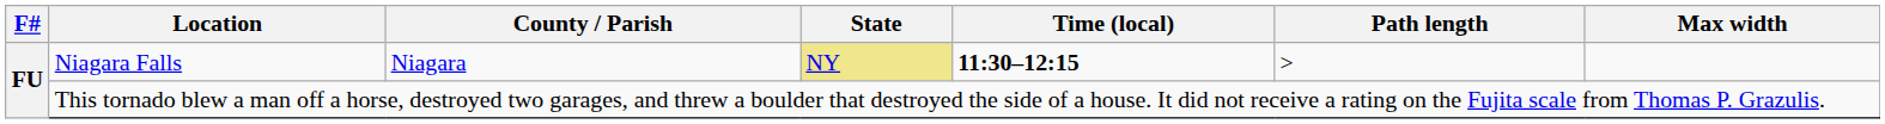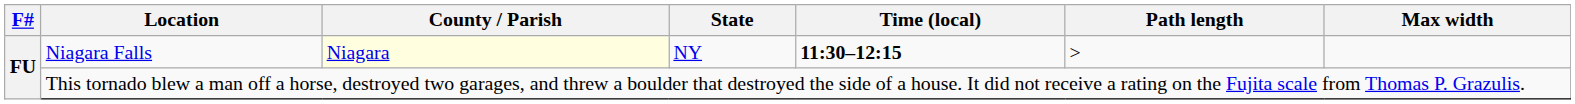 <table class="wikitable sortable" style="width:100%;">
 <tr>
 <th scope="col" align="center"><a href='#'>F#</a><br></th>
 <th scope="col" align="center" class="unsortable">Location</th>
 <th scope="col" align="center" class="unsortable">County / Parish</th>
 <th scope="col" align="center">State</th>
 <th scope="col" align="center">Time (local)</th>
 <th scope="col" align="center">Path length</th>
 <th scope="col" align="center">Max width</th>
 </tr>
 <tr>
 <th scope="row" rowspan="2" style="background-color:#">FU</th>
 <td><a href='#'>Niagara Falls</a></td>
-<td><a href='#'>Niagara</a></td>
-<td style="background: khaki;"><a href='#'>NY</a></td>
+<td style="background: lightyellow;"><a href='#'>Niagara</a></td>
+<td><a href='#'>NY</a></td>
 <td><strong>11:30–12:15</strong></td>
 <td>></td>
 <td></td>
 </tr>
 <tr class="expand-child">
 <td colspan="6" style="border-bottom: 1px solid black;">This tornado blew a man off a horse, destroyed two garages, and threw a boulder that destroyed the side of a house. It did not receive a rating on the <a href='#'>Fujita scale</a> from <a href='#'>Thomas P. Grazulis</a>.</td>
 </tr>
 </table>
